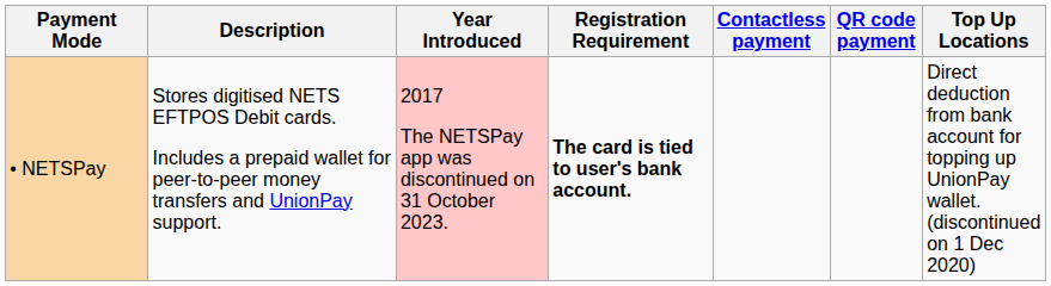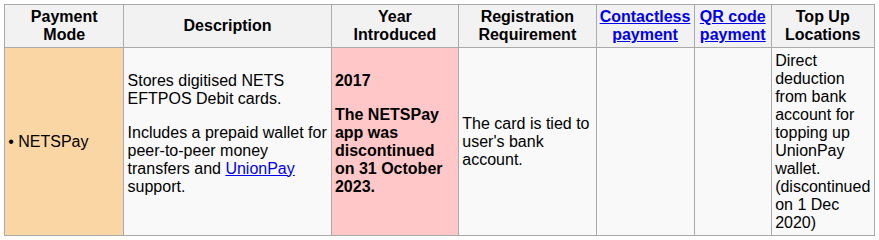 <table class="wikitable" style="text-align: left;">
 <tr>
 <th scope="col" style="width: 112px;">Payment Mode</th>
 <th scope="col" style="width: 200px;">Description</th>
 <th scope="col" style="width: 120px;">Year Introduced</th>
 <th scope="col" style="width: 130px;">Registration Requirement</th>
 <th scope="col" style="width: 70px;"><a href='#'>Contactless payment</a></th>
 <th scope="col" style="width: 70px;"><a href='#'>QR code payment</a></th>
 <th scope="col" style="width: 70px;">Top Up Locations</th>
 </tr>
 <tr>
 <td style="background:#fad6a5;">• NETSPay</td>
 <td>Stores digitised NETS EFTPOS Debit cards. <p> Includes a prepaid wallet for peer-to-peer money transfers and <a href='#'>UnionPay</a> support.</p></td>
-<td style="background:#FFC7C7;">2017 <p> The NETSPay app was discontinued on 31 October 2023.</p></td>
-<td><strong>The card is tied to user's bank account.</strong></td>
+<td style="background:#FFC7C7;"><strong>2017 <p> The NETSPay app was discontinued on 31 October 2023.</p></strong></td>
+<td>The card is tied to user's bank account.</td>
 <td></td>
 <td></td>
 <td>Direct deduction from bank account for topping up UnionPay wallet. (discontinued on 1 Dec 2020)</td>
 </tr>
 <tr>
 </tr>
 </table>
